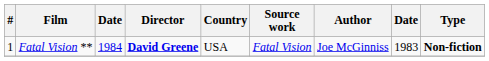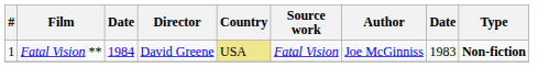 <table class="wikitable">
 <tr>
 <th>#</th>
 <th>Film</th>
 <th>Date</th>
 <th>Director</th>
 <th>Country</th>
 <th>Source<br>work</th>
 <th>Author</th>
 <th>Date</th>
 <th>Type</th>
 </tr>
 <tr>
 <td>1</td>
 <td><em><a href='#'>Fatal Vision</a></em> **</td>
 <td><a href='#'>1984</a></td>
-<td><strong><a href='#'>David Greene</a></strong></td>
-<td>USA</td>
+<td><a href='#'>David Greene</a></td>
+<td style="background: khaki;">USA</td>
 <td><em><a href='#'>Fatal Vision</a></em></td>
 <td><a href='#'>Joe McGinniss</a></td>
 <td>1983</td>
 <td><strong>Non-fiction</strong></td>
 </tr>
 <tr>
 </tr>
 </table>
